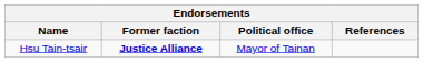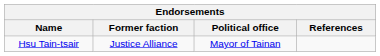 <table class="wikitable" style="text-align:center" width="600">
 <tr>
 <th colspan="4">Endorsements</th>
 </tr>
 <tr>
 <th>Name</th>
 <th>Former faction</th>
 <th>Political office</th>
 <th>References</th>
 </tr>
 <tr>
 <td><a href='#'>Hsu Tain-tsair</a></td>
-<td><strong><a href='#'>Justice Alliance</a></strong></td>
+<td><a href='#'>Justice Alliance</a></td>
 <td><a href='#'>Mayor of Tainan</a></td>
 <td></td>
 </tr>
 </table>
